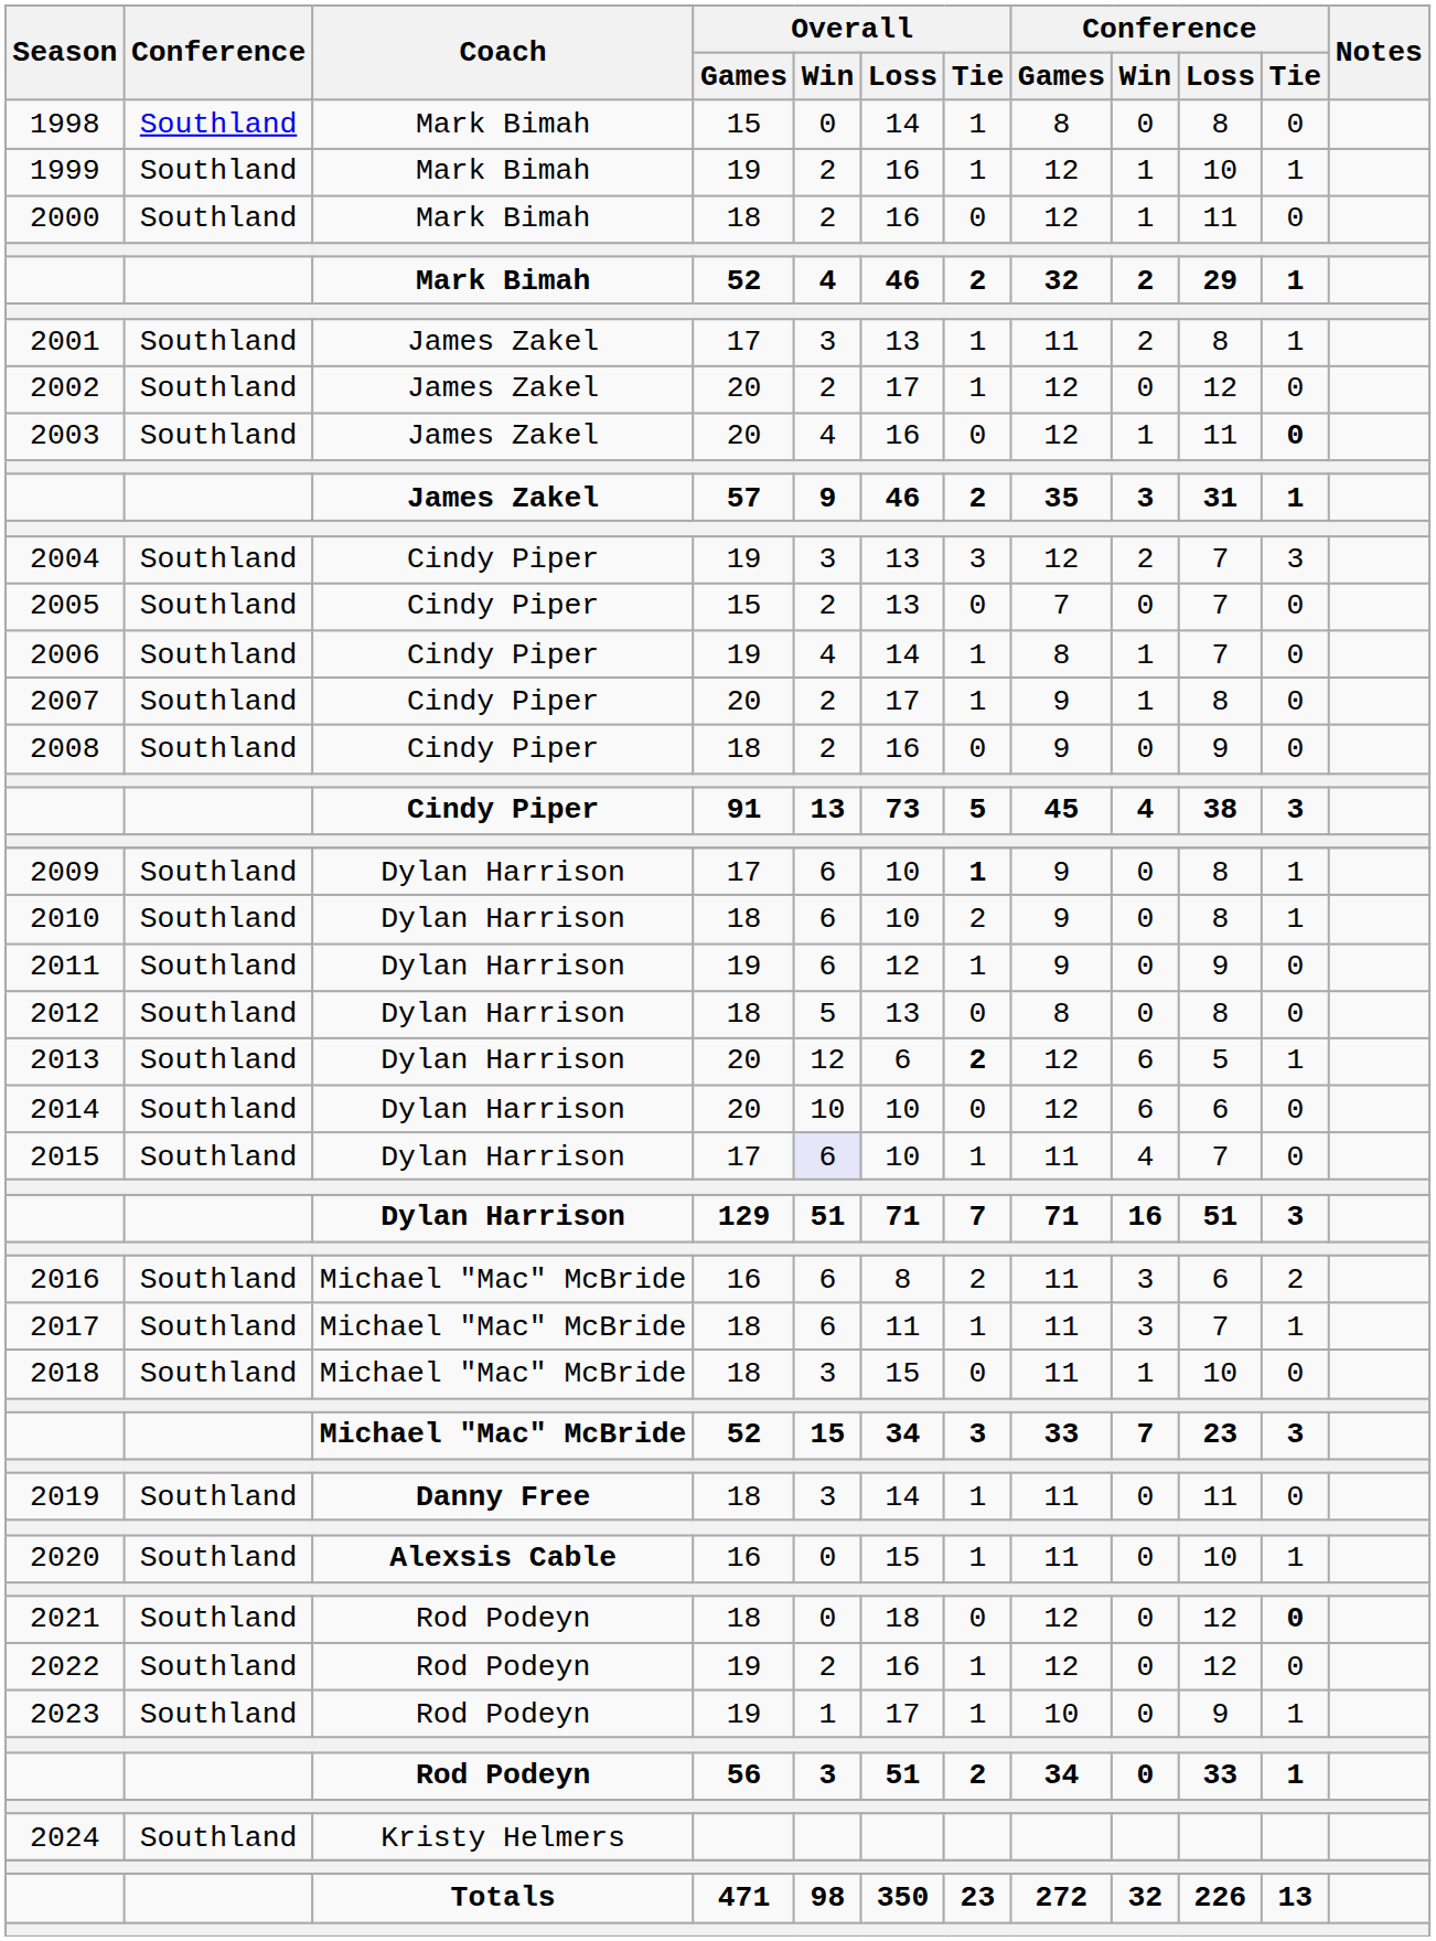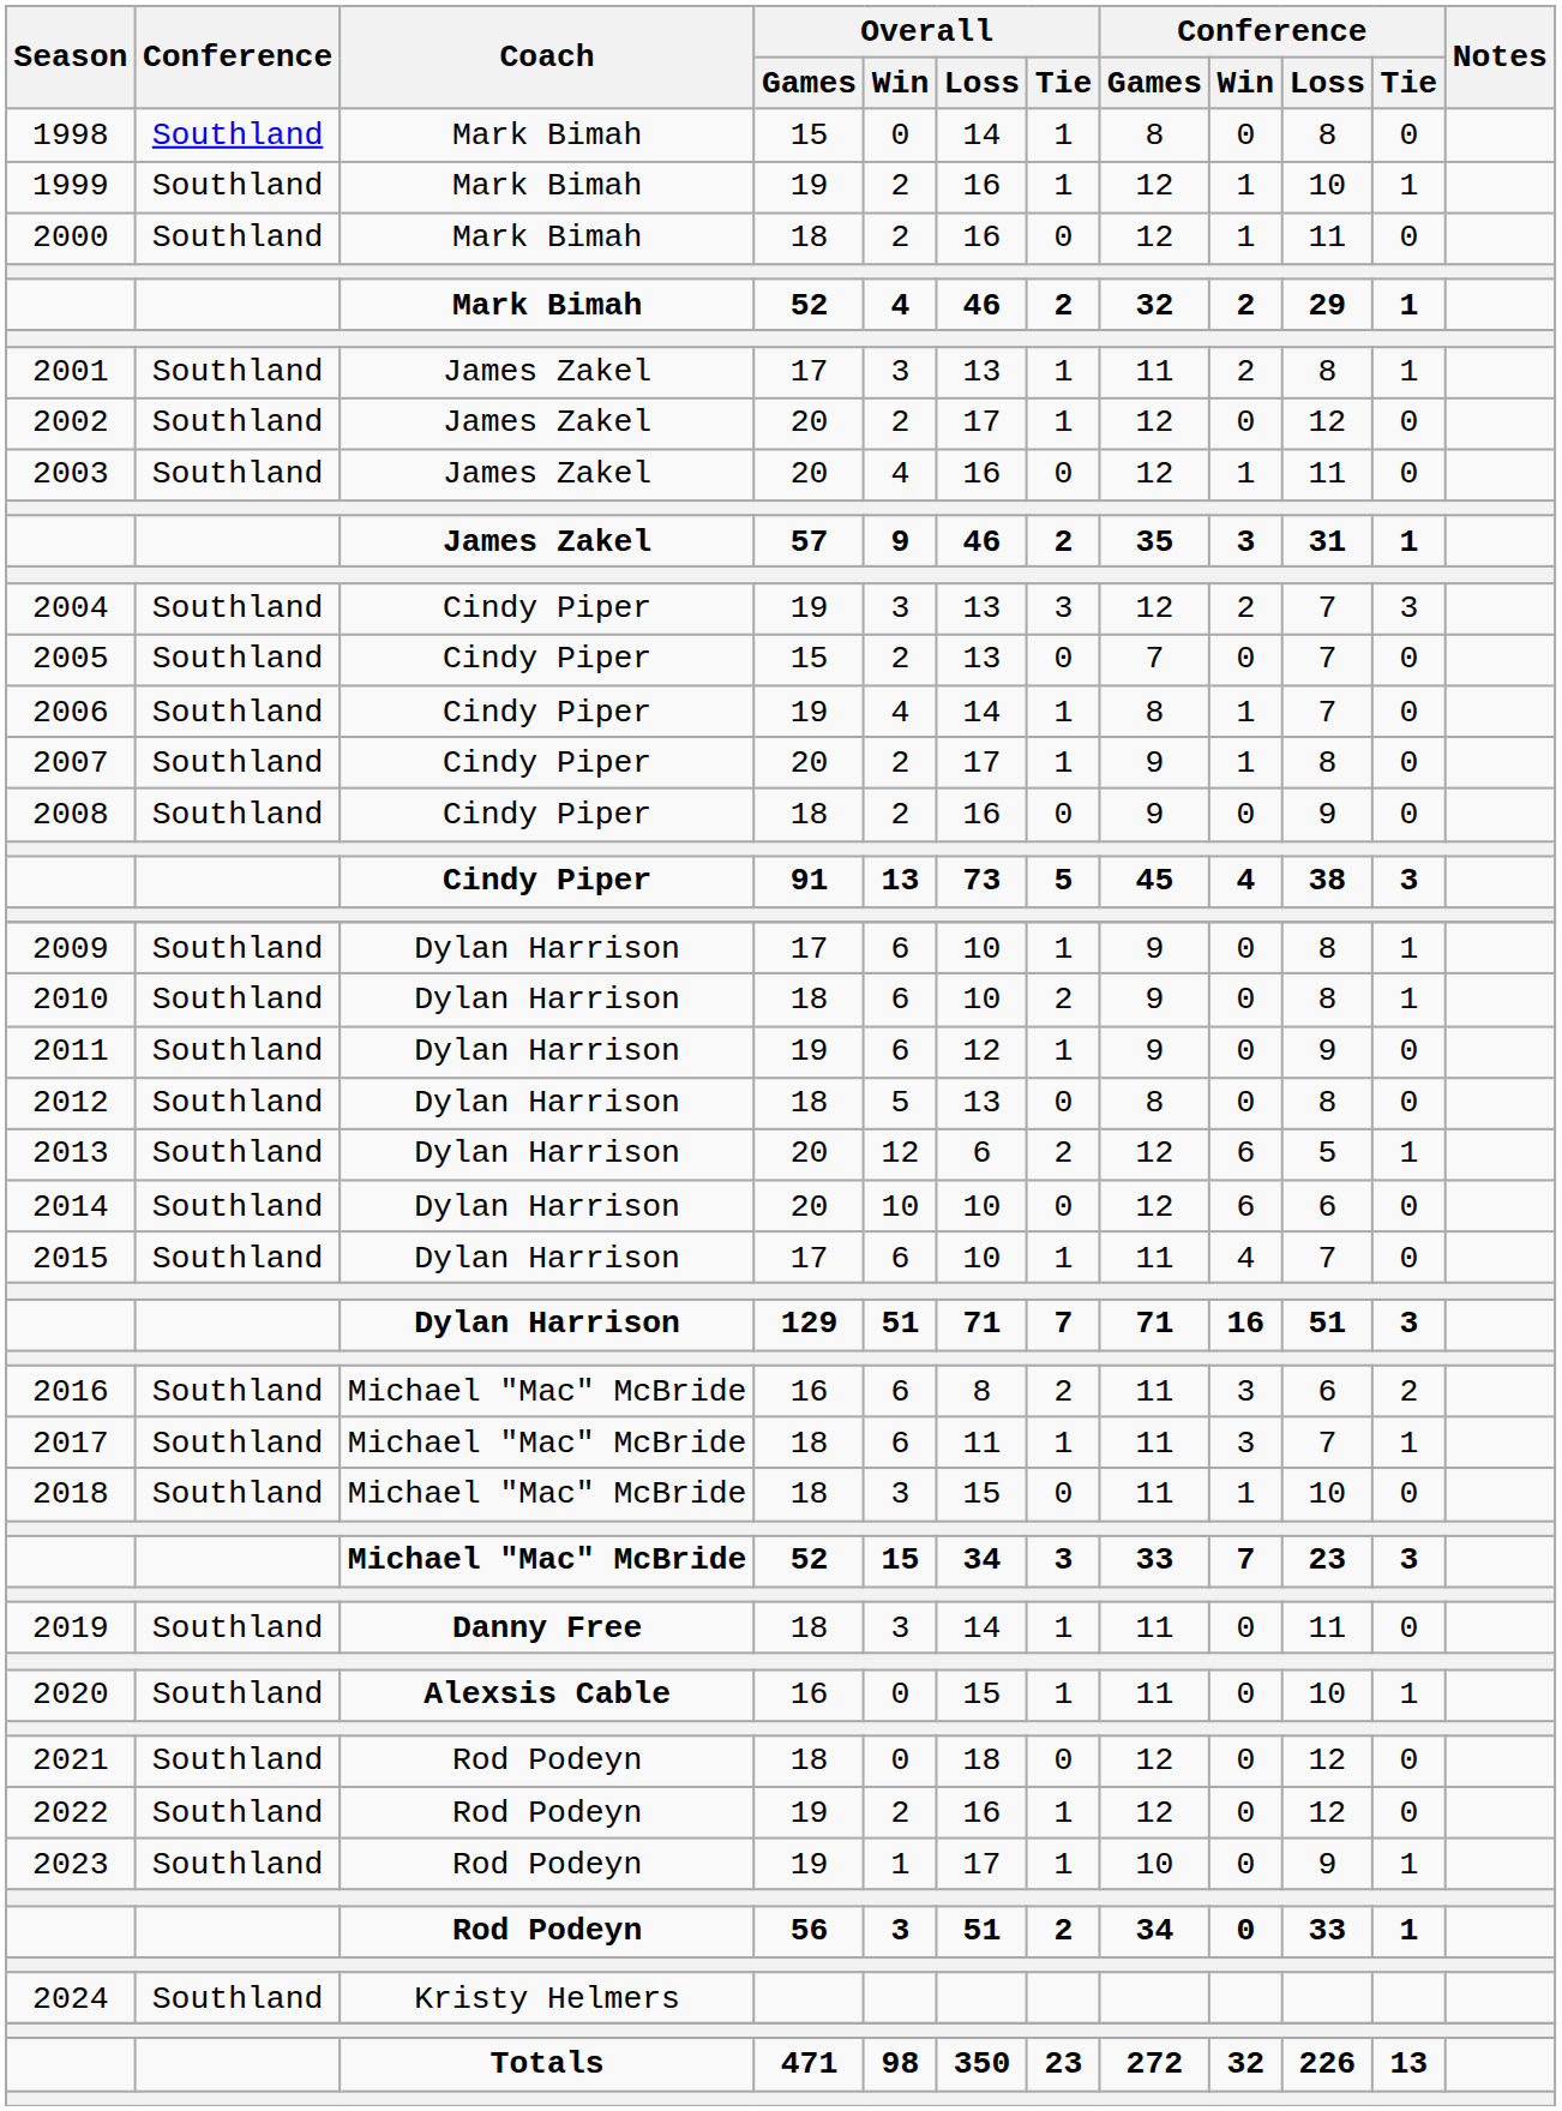 <table class="wikitable" style="text-align: center;">
 <tr>
 <th rowspan=2>Season</th>
 <th rowspan=2>Conference</th>
 <th rowspan=2>Coach</th>
 <th colspan="4">Overall</th>
 <th colspan="4">Conference</th>
 <th rowspan=2>Notes</th>
 </tr>
 <tr>
 <th>Games</th>
 <th>Win</th>
 <th>Loss</th>
 <th>Tie</th>
 <th>Games</th>
 <th>Win</th>
 <th>Loss</th>
 <th>Tie</th>
 </tr>
 <tr>
 <td>1998</td>
 <td><a href='#'>Southland</a></td>
 <td>Mark Bimah</td>
 <td>15</td>
 <td>0</td>
 <td>14</td>
 <td>1</td>
 <td>8</td>
 <td>0</td>
 <td>8</td>
 <td>0</td>
 <td></td>
 </tr>
 <tr>
 <td>1999</td>
 <td>Southland</td>
 <td>Mark Bimah</td>
 <td>19</td>
 <td>2</td>
 <td>16</td>
 <td>1</td>
 <td>12</td>
 <td>1</td>
 <td>10</td>
 <td>1</td>
 <td></td>
 </tr>
 <tr>
 <td>2000</td>
 <td>Southland</td>
 <td>Mark Bimah</td>
 <td>18</td>
 <td>2</td>
 <td>16</td>
 <td>0</td>
 <td>12</td>
 <td>1</td>
 <td>11</td>
 <td>0</td>
 <td></td>
 </tr>
 <tr>
 <th colspan=12></th>
 </tr>
 <tr>
 <td></td>
 <td></td>
 <td><strong>Mark Bimah</strong></td>
 <td><strong>52</strong></td>
 <td><strong>4</strong></td>
 <td><strong>46</strong></td>
 <td><strong>2</strong></td>
 <td><strong>32</strong></td>
 <td><strong>2</strong></td>
 <td><strong>29</strong></td>
 <td><strong>1</strong></td>
 </tr>
 <tr>
 <th colspan=12></th>
 </tr>
 <tr>
 <td>2001</td>
 <td>Southland</td>
 <td>James Zakel</td>
 <td>17</td>
 <td>3</td>
 <td>13</td>
 <td>1</td>
 <td>11</td>
 <td>2</td>
 <td>8</td>
 <td>1</td>
 <td></td>
 </tr>
 <tr>
 <td>2002</td>
 <td>Southland</td>
 <td>James Zakel</td>
 <td>20</td>
 <td>2</td>
 <td>17</td>
 <td>1</td>
 <td>12</td>
 <td>0</td>
 <td>12</td>
 <td>0</td>
 <td></td>
 </tr>
 <tr>
 <td>2003</td>
 <td>Southland</td>
 <td>James Zakel</td>
 <td>20</td>
 <td>4</td>
 <td>16</td>
 <td>0</td>
 <td>12</td>
 <td>1</td>
 <td>11</td>
-<td><strong>0</strong></td>
+<td>0</td>
 <td></td>
 </tr>
 <tr>
 <th colspan=12></th>
 </tr>
 <tr>
 <td></td>
 <td></td>
 <td><strong>James Zakel</strong></td>
 <td><strong>57</strong></td>
 <td><strong>9</strong></td>
 <td><strong>46</strong></td>
 <td><strong>2</strong></td>
 <td><strong>35</strong></td>
 <td><strong>3</strong></td>
 <td><strong>31</strong></td>
 <td><strong>1</strong></td>
 </tr>
 <tr>
 <th colspan=12></th>
 </tr>
 <tr>
 <td>2004</td>
 <td>Southland</td>
 <td>Cindy Piper</td>
 <td>19</td>
 <td>3</td>
 <td>13</td>
 <td>3</td>
 <td>12</td>
 <td>2</td>
 <td>7</td>
 <td>3</td>
 <td></td>
 </tr>
 <tr>
 <td>2005</td>
 <td>Southland</td>
 <td>Cindy Piper</td>
 <td>15</td>
 <td>2</td>
 <td>13</td>
 <td>0</td>
 <td>7</td>
 <td>0</td>
 <td>7</td>
 <td>0</td>
 <td></td>
 </tr>
 <tr>
 <td>2006</td>
 <td>Southland</td>
 <td>Cindy Piper</td>
 <td>19</td>
 <td>4</td>
 <td>14</td>
 <td>1</td>
 <td>8</td>
 <td>1</td>
 <td>7</td>
 <td>0</td>
 <td></td>
 </tr>
 <tr>
 <td>2007</td>
 <td>Southland</td>
 <td>Cindy Piper</td>
 <td>20</td>
 <td>2</td>
 <td>17</td>
 <td>1</td>
 <td>9</td>
 <td>1</td>
 <td>8</td>
 <td>0</td>
 <td></td>
 </tr>
 <tr>
 <td>2008</td>
 <td>Southland</td>
 <td>Cindy Piper</td>
 <td>18</td>
 <td>2</td>
 <td>16</td>
 <td>0</td>
 <td>9</td>
 <td>0</td>
 <td>9</td>
 <td>0</td>
 <td></td>
 </tr>
 <tr>
 <th colspan=12></th>
 </tr>
 <tr>
 <td></td>
 <td></td>
 <td><strong>Cindy Piper</strong></td>
 <td><strong>91</strong></td>
 <td><strong>13</strong></td>
 <td><strong>73</strong></td>
 <td><strong>5</strong></td>
 <td><strong>45</strong></td>
 <td><strong>4</strong></td>
 <td><strong>38</strong></td>
 <td><strong>3</strong></td>
 </tr>
 <tr>
 <th colspan=12></th>
 </tr>
 <tr>
 </tr>
 <tr>
 <td>2009</td>
 <td>Southland</td>
 <td>Dylan Harrison</td>
 <td>17</td>
 <td>6</td>
 <td>10</td>
-<td><strong>1</strong></td>
+<td>1</td>
 <td>9</td>
 <td>0</td>
 <td>8</td>
 <td>1</td>
 <td></td>
 </tr>
 <tr>
 <td>2010</td>
 <td>Southland</td>
 <td>Dylan Harrison</td>
 <td>18</td>
 <td>6</td>
 <td>10</td>
 <td>2</td>
 <td>9</td>
 <td>0</td>
 <td>8</td>
 <td>1</td>
 <td></td>
 </tr>
 <tr>
 <td>2011</td>
 <td>Southland</td>
 <td>Dylan Harrison</td>
 <td>19</td>
 <td>6</td>
 <td>12</td>
 <td>1</td>
 <td>9</td>
 <td>0</td>
 <td>9</td>
 <td>0</td>
 <td></td>
 </tr>
 <tr>
 <td>2012</td>
 <td>Southland</td>
 <td>Dylan Harrison</td>
 <td>18</td>
 <td>5</td>
 <td>13</td>
 <td>0</td>
 <td>8</td>
 <td>0</td>
 <td>8</td>
 <td>0</td>
 <td></td>
 </tr>
 <tr>
 <td>2013</td>
 <td>Southland</td>
 <td>Dylan Harrison</td>
 <td>20</td>
 <td>12</td>
 <td>6</td>
-<td><strong>2</strong></td>
+<td>2</td>
 <td>12</td>
 <td>6</td>
 <td>5</td>
 <td>1</td>
 <td></td>
 </tr>
 <tr>
 <td>2014</td>
 <td>Southland</td>
 <td>Dylan Harrison</td>
 <td>20</td>
 <td>10</td>
 <td>10</td>
 <td>0</td>
 <td>12</td>
 <td>6</td>
 <td>6</td>
 <td>0</td>
 <td></td>
 </tr>
 <tr>
 <td>2015</td>
 <td>Southland</td>
 <td>Dylan Harrison</td>
 <td>17</td>
-<td style="background: lavender;">6</td>
+<td>6</td>
 <td>10</td>
 <td>1</td>
 <td>11</td>
 <td>4</td>
 <td>7</td>
 <td>0</td>
 <td></td>
 </tr>
 <tr>
 <th colspan=12></th>
 </tr>
 <tr>
 <td></td>
 <td></td>
 <td><strong>Dylan Harrison</strong></td>
 <td><strong>129</strong></td>
 <td><strong>51</strong></td>
 <td><strong>71</strong></td>
 <td><strong>7</strong></td>
 <td><strong>71</strong></td>
 <td><strong>16</strong></td>
 <td><strong>51</strong></td>
 <td><strong>3</strong></td>
 </tr>
 <tr>
 <th colspan=12></th>
 </tr>
 <tr>
 <td>2016</td>
 <td>Southland</td>
 <td>Michael "Mac" McBride</td>
 <td>16</td>
 <td>6</td>
 <td>8</td>
 <td>2</td>
 <td>11</td>
 <td>3</td>
 <td>6</td>
 <td>2</td>
 <td></td>
 </tr>
 <tr>
 <td>2017</td>
 <td>Southland</td>
 <td>Michael "Mac" McBride</td>
 <td>18</td>
 <td>6</td>
 <td>11</td>
 <td>1</td>
 <td>11</td>
 <td>3</td>
 <td>7</td>
 <td>1</td>
 <td></td>
 </tr>
 <tr>
 <td>2018</td>
 <td>Southland</td>
 <td>Michael "Mac" McBride</td>
 <td>18</td>
 <td>3</td>
 <td>15</td>
 <td>0</td>
 <td>11</td>
 <td>1</td>
 <td>10</td>
 <td>0</td>
 <td></td>
 </tr>
 <tr>
 <th colspan=12></th>
 </tr>
 <tr>
 <td></td>
 <td></td>
 <td><strong>Michael "Mac" McBride</strong></td>
 <td><strong>52</strong></td>
 <td><strong>15</strong></td>
 <td><strong>34</strong></td>
 <td><strong>3</strong></td>
 <td><strong>33</strong></td>
 <td><strong>7</strong></td>
 <td><strong>23</strong></td>
 <td><strong>3</strong></td>
 </tr>
 <tr>
 <th colspan=12></th>
 </tr>
 <tr>
 <td>2019</td>
 <td>Southland</td>
 <td><strong>Danny Free</strong></td>
 <td>18</td>
 <td>3</td>
 <td>14</td>
 <td>1</td>
 <td>11</td>
 <td>0</td>
 <td>11</td>
 <td>0</td>
 <td></td>
 </tr>
 <tr>
 <th colspan=12></th>
 </tr>
 <tr>
 <td>2020</td>
 <td>Southland</td>
 <td><strong>Alexsis Cable</strong></td>
 <td>16</td>
 <td>0</td>
 <td>15</td>
 <td>1</td>
 <td>11</td>
 <td>0</td>
 <td>10</td>
 <td>1</td>
 <td></td>
 </tr>
 <tr>
 <th colspan=12></th>
 </tr>
 <tr>
 <td>2021</td>
 <td>Southland</td>
 <td>Rod Podeyn</td>
 <td>18</td>
 <td>0</td>
 <td>18</td>
 <td>0</td>
 <td>12</td>
 <td>0</td>
 <td>12</td>
-<td><strong>0</strong></td>
+<td>0</td>
 <td></td>
 </tr>
 <tr>
 <td>2022</td>
 <td>Southland</td>
 <td>Rod Podeyn</td>
 <td>19</td>
 <td>2</td>
 <td>16</td>
 <td>1</td>
 <td>12</td>
 <td>0</td>
 <td>12</td>
 <td>0</td>
 <td></td>
 </tr>
 <tr>
 <td>2023</td>
 <td>Southland</td>
 <td>Rod Podeyn</td>
 <td>19</td>
 <td>1</td>
 <td>17</td>
 <td>1</td>
 <td>10</td>
 <td>0</td>
 <td>9</td>
 <td>1</td>
 <td></td>
 </tr>
 <tr>
 <th colspan=12></th>
 </tr>
 <tr>
 <td></td>
 <td></td>
 <td><strong>Rod Podeyn</strong></td>
 <td><strong>56</strong></td>
 <td><strong>3 </strong></td>
 <td><strong>51 </strong></td>
 <td><strong>2 </strong></td>
 <td><strong>34</strong></td>
 <td><strong>0</strong></td>
 <td><strong>33</strong></td>
 <td><strong>1</strong></td>
 </tr>
 <tr>
 <th colspan=12></th>
 </tr>
 <tr>
 <td>2024</td>
 <td>Southland</td>
 <td>Kristy Helmers</td>
 <td></td>
 <td></td>
 <td></td>
 <td></td>
 <td></td>
 <td></td>
 <td></td>
 <td></td>
 <td></td>
 </tr>
 <tr>
 </tr>
 <tr>
 <th colspan=12></th>
 </tr>
 <tr>
 <td></td>
 <td></td>
 <td><strong>Totals</strong></td>
 <td><strong>471</strong></td>
 <td><strong>98</strong></td>
 <td><strong>350</strong></td>
 <td><strong>23</strong></td>
 <td><strong>272</strong></td>
 <td><strong>32</strong></td>
 <td><strong>226</strong></td>
 <td><strong>13</strong></td>
 </tr>
 <tr>
 <th colspan=12></th>
 </tr>
 </table>
